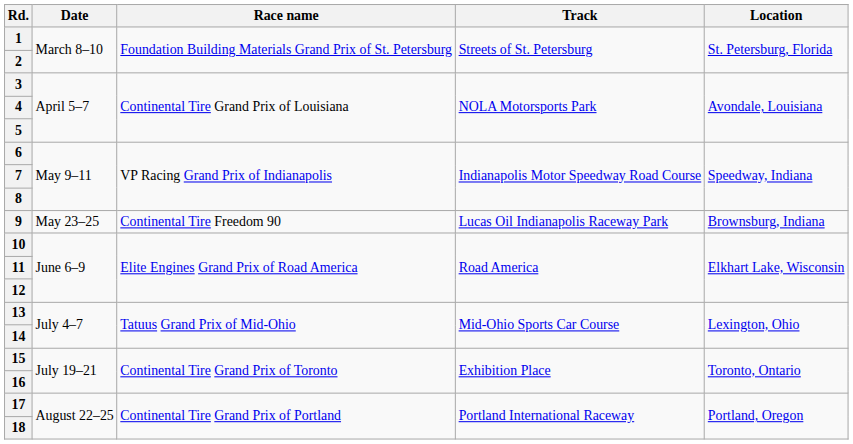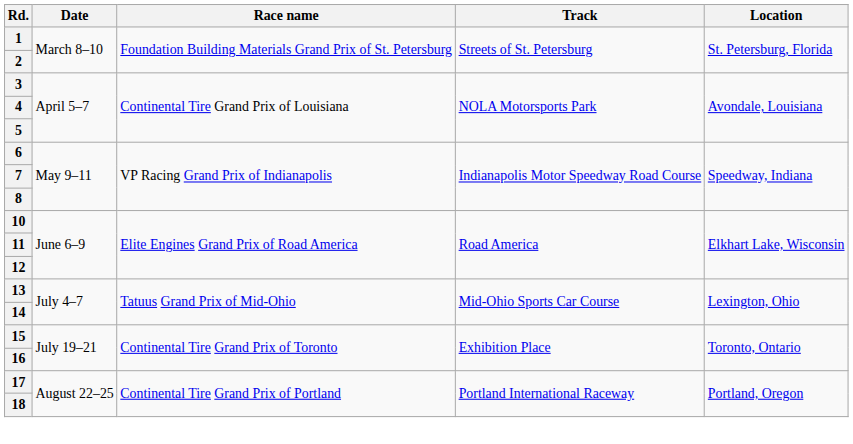 <table class="wikitable" style="font-size: 85%">
 <tr>
 <th>Rd.</th>
 <th>Date</th>
 <th>Race name</th>
 <th>Track</th>
 <th>Location</th>
 </tr>
 <tr>
 <th>1</th>
 <td rowspan="2">March 8–10</td>
 <td rowspan="2"><a href='#'>Foundation Building Materials Grand Prix of St. Petersburg</a></td>
 <td rowspan="2"> <a href='#'>Streets of St. Petersburg</a></td>
 <td rowspan="2"><a href='#'>St. Petersburg, Florida</a></td>
 </tr>
 <tr>
 <th>2</th>
 </tr>
 <tr>
 <th>3</th>
 <td rowspan="3">April 5–7</td>
 <td rowspan="3"><a href='#'>Continental Tire</a> Grand Prix of Louisiana</td>
 <td rowspan="3"> <a href='#'>NOLA Motorsports Park</a></td>
 <td rowspan="3"><a href='#'>Avondale, Louisiana</a></td>
 </tr>
 <tr>
 <th>4</th>
 </tr>
 <tr>
 <th>5</th>
 </tr>
 <tr>
 <th>6</th>
 <td rowspan="3">May 9–11</td>
 <td rowspan="3">VP Racing <a href='#'>Grand Prix of Indianapolis</a></td>
 <td rowspan="3"> <a href='#'>Indianapolis Motor Speedway Road Course</a></td>
 <td rowspan="3"><a href='#'>Speedway, Indiana</a></td>
 </tr>
 <tr>
 <th>7</th>
 </tr>
 <tr>
 <th>8</th>
 </tr>
 <tr>
-<th>9</th>
-<td>May 23–25</td>
-<td><a href='#'>Continental Tire</a> Freedom 90</td>
-<td> <a href='#'>Lucas Oil Indianapolis Raceway Park</a></td>
-<td><a href='#'>Brownsburg, Indiana</a></td>
-</tr>
-<tr>
 <th>10</th>
 <td rowspan="3">June 6–9</td>
 <td rowspan="3"><a href='#'>Elite Engines</a> <a href='#'>Grand Prix of Road America</a></td>
 <td rowspan="3"> <a href='#'>Road America</a></td>
 <td rowspan="3"><a href='#'>Elkhart Lake, Wisconsin</a></td>
 </tr>
 <tr>
 <th>11</th>
 </tr>
 <tr>
 <th>12</th>
 </tr>
 <tr>
 <th>13</th>
 <td rowspan="2">July 4–7</td>
 <td rowspan="2"><a href='#'>Tatuus</a> <a href='#'>Grand Prix of Mid-Ohio</a></td>
 <td rowspan="2"> <a href='#'>Mid-Ohio Sports Car Course</a></td>
 <td rowspan="2"><a href='#'>Lexington, Ohio</a></td>
 </tr>
 <tr>
 <th>14</th>
 </tr>
 <tr>
 <th>15</th>
 <td rowspan="2">July 19–21</td>
 <td rowspan="2"><a href='#'>Continental Tire</a> <a href='#'>Grand Prix of Toronto</a></td>
 <td rowspan="2"> <a href='#'>Exhibition Place</a></td>
 <td rowspan="2"><a href='#'>Toronto, Ontario</a></td>
 </tr>
 <tr>
 <th>16</th>
 </tr>
 <tr>
 <th>17</th>
 <td rowspan="2">August 22–25</td>
 <td rowspan="2"><a href='#'>Continental Tire</a> <a href='#'>Grand Prix of Portland</a></td>
 <td rowspan="2"> <a href='#'>Portland International Raceway</a></td>
 <td rowspan="2"><a href='#'>Portland, Oregon</a></td>
 </tr>
 <tr>
 <th>18</th>
 </tr>
 </table>
